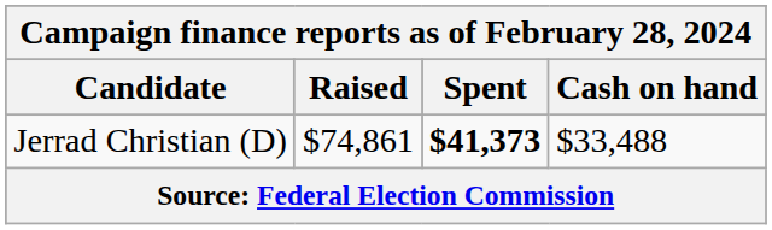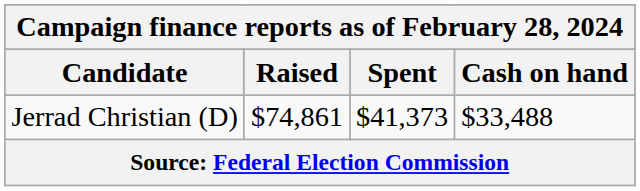 <table class="wikitable sortable">
 <tr>
 <th colspan=4>Campaign finance reports as of February 28, 2024</th>
 </tr>
 <tr style="text-align:center;">
 <th>Candidate</th>
 <th>Raised</th>
 <th>Spent</th>
 <th>Cash on hand</th>
 </tr>
 <tr>
 <td>Jerrad Christian (D)</td>
 <td>$74,861</td>
-<td><strong>$41,373</strong></td>
+<td>$41,373</td>
 <td>$33,488</td>
 </tr>
 <tr>
 <th colspan="4"><small>Source: <a href='#'>Federal Election Commission</a></small></th>
 </tr>
 </table>
